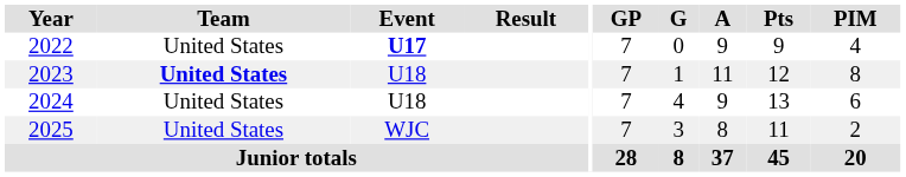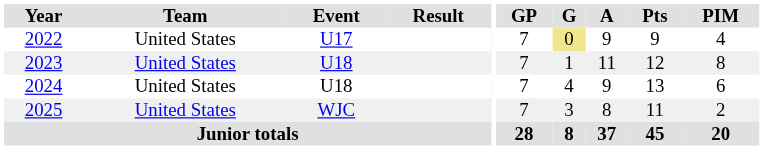 <table border="0" cellpadding="1" cellspacing="0" ID="Table3" style="text-align:center; width:40em;">
 <tr bgcolor="#e0e0e0">
 <th>Year</th>
 <th>Team</th>
 <th>Event</th>
 <th>Result</th>
 <th rowspan="99" bgcolor="#ffffff"></th>
 <th>GP</th>
 <th>G</th>
 <th>A</th>
 <th>Pts</th>
 <th>PIM</th>
 </tr>
 <tr>
 <td><a href='#'>2022</a></td>
 <td>United States</td>
-<td><strong><a href='#'>U17</a></strong></td>
+<td><a href='#'>U17</a></td>
 <td></td>
 <td>7</td>
-<td>0</td>
+<td style="background: khaki;">0</td>
 <td>9</td>
 <td>9</td>
 <td>4</td>
 </tr>
 <tr bgcolor="f0f0f0">
 <td><a href='#'>2023</a></td>
-<td><strong><a href='#'>United States</a></strong></td>
+<td><a href='#'>United States</a></td>
 <td><a href='#'>U18</a></td>
 <td></td>
 <td>7</td>
 <td>1</td>
 <td>11</td>
 <td>12</td>
 <td>8</td>
 </tr>
 <tr>
 <td><a href='#'>2024</a></td>
 <td>United States</td>
 <td>U18</td>
 <td></td>
 <td>7</td>
 <td>4</td>
 <td>9</td>
 <td>13</td>
 <td>6</td>
 </tr>
 <tr bgcolor="#f0f0f0">
 <td><a href='#'>2025</a></td>
 <td><a href='#'>United States</a></td>
 <td><a href='#'>WJC</a></td>
 <td></td>
 <td>7</td>
 <td>3</td>
 <td>8</td>
 <td>11</td>
 <td>2</td>
 </tr>
 <tr bgcolor="#e0e0e0">
 <th colspan="4">Junior totals</th>
 <th>28</th>
 <th>8</th>
 <th>37</th>
 <th>45</th>
 <th>20</th>
 </tr>
 </table>
